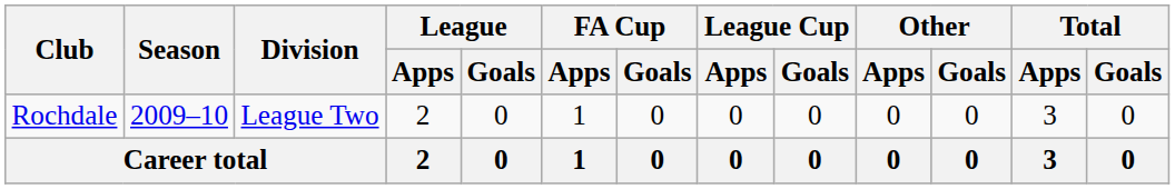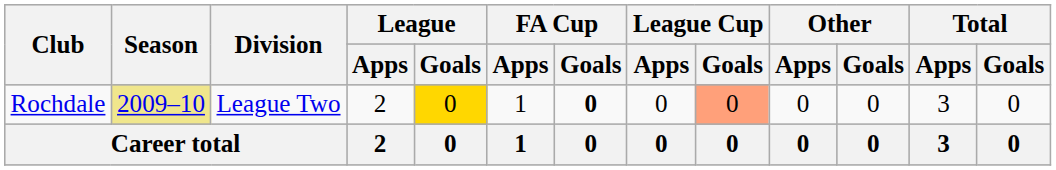 <table class="wikitable" style="text-align:center;">
 <tr>
 <th rowspan="2">Club</th>
 <th rowspan="2">Season</th>
 <th rowspan="2">Division</th>
 <th colspan="2">League</th>
 <th colspan="2">FA Cup</th>
 <th colspan="2">League Cup</th>
 <th colspan="2">Other</th>
 <th colspan="2">Total</th>
 </tr>
 <tr>
 <th>Apps</th>
 <th>Goals</th>
 <th>Apps</th>
 <th>Goals</th>
 <th>Apps</th>
 <th>Goals</th>
 <th>Apps</th>
 <th>Goals</th>
 <th>Apps</th>
 <th>Goals</th>
 </tr>
 <tr>
 <td><a href='#'>Rochdale</a></td>
-<td><a href='#'>2009–10</a></td>
+<td style="background: khaki;"><a href='#'>2009–10</a></td>
 <td><a href='#'>League Two</a></td>
 <td>2</td>
+<td style="background: gold;">0</td>
+<td>1</td>
+<td><strong>0</strong></td>
 <td>0</td>
-<td>1</td>
-<td>0</td>
-<td>0</td>
-<td>0</td>
+<td style="background: lightsalmon;">0</td>
 <td>0</td>
 <td>0</td>
 <td>3</td>
 <td>0</td>
 </tr>
 <tr>
 <th colspan="3">Career total</th>
 <th>2</th>
 <th>0</th>
 <th>1</th>
 <th>0</th>
 <th>0</th>
 <th>0</th>
 <th>0</th>
 <th>0</th>
 <th>3</th>
 <th>0</th>
 </tr>
 </table>
